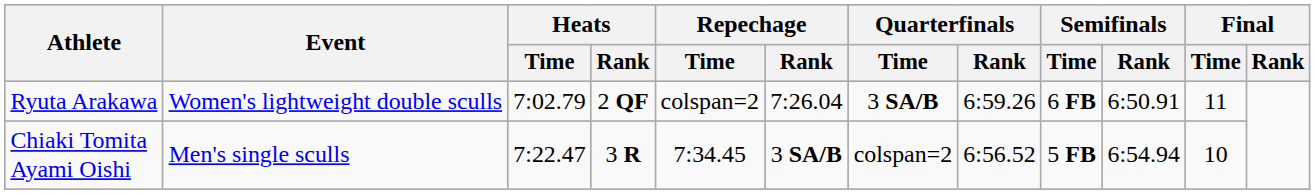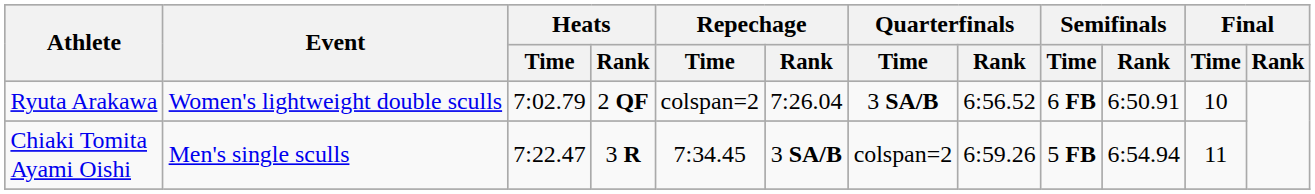 <table class="wikitable" style="font-size:90%">
 <tr>
 <th rowspan="2">Athlete</th>
 <th rowspan="2">Event</th>
 <th colspan="2">Heats</th>
 <th colspan="2">Repechage</th>
 <th colspan="2">Quarterfinals</th>
 <th colspan="2">Semifinals</th>
 <th colspan="2">Final</th>
 </tr>
 <tr style="font-size:95%">
 <th>Time</th>
 <th>Rank</th>
 <th>Time</th>
 <th>Rank</th>
 <th>Time</th>
 <th>Rank</th>
 <th>Time</th>
 <th>Rank</th>
 <th>Time</th>
 <th>Rank</th>
 </tr>
 <tr align=center>
 <td align=left><a href='#'>Ryuta Arakawa</a></td>
 <td align=left><a href='#'>Women's lightweight double sculls</a></td>
 <td>7:02.79</td>
 <td>2 <strong>QF</strong></td>
 <td>colspan=2 </td>
 <td>7:26.04</td>
 <td>3 <strong>SA/B</strong></td>
-<td>6:59.26</td>
+<td>6:56.52</td>
 <td>6 <strong>FB</strong></td>
 <td>6:50.91</td>
-<td>11</td>
+<td>10</td>
 </tr>
 <tr align=center>
 <td align=left><a href='#'>Chiaki Tomita</a><br><a href='#'>Ayami Oishi</a></td>
 <td align=left><a href='#'>Men's single sculls</a></td>
 <td>7:22.47</td>
 <td>3 <strong>R</strong></td>
 <td>7:34.45</td>
 <td>3 <strong>SA/B</strong></td>
 <td>colspan=2 </td>
-<td>6:56.52</td>
+<td>6:59.26</td>
 <td>5 <strong>FB</strong></td>
 <td>6:54.94</td>
-<td>10</td>
+<td>11</td>
 </tr>
 </table>
